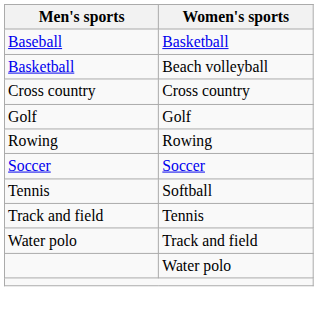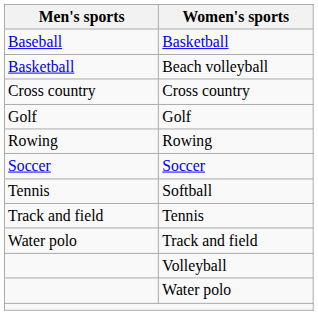 <table class="wikitable"; style= "text-align: ">
 <tr>
 <th width=150px>Men's sports</th>
 <th width=150px>Women's sports</th>
 </tr>
 <tr>
 <td><a href='#'>Baseball</a></td>
 <td><a href='#'>Basketball</a></td>
 </tr>
 <tr>
 <td><a href='#'>Basketball</a></td>
 <td>Beach volleyball</td>
 </tr>
 <tr>
 <td>Cross country</td>
 <td>Cross country</td>
 </tr>
 <tr>
 <td>Golf</td>
 <td>Golf</td>
 </tr>
 <tr>
 <td>Rowing</td>
 <td>Rowing</td>
 </tr>
 <tr>
 <td><a href='#'>Soccer</a></td>
 <td><a href='#'>Soccer</a></td>
 </tr>
 <tr>
 <td>Tennis</td>
 <td>Softball</td>
 </tr>
 <tr>
 <td>Track and field</td>
 <td>Tennis</td>
 </tr>
 <tr>
 <td>Water polo</td>
 <td>Track and field</td>
 </tr>
 <tr>
 <td></td>
+<td>Volleyball</td>
+</tr>
+<tr>
+<td></td>
 <td>Water polo</td>
 </tr>
 <tr>
 <td colspan="2"></td>
 </tr>
 </table>
